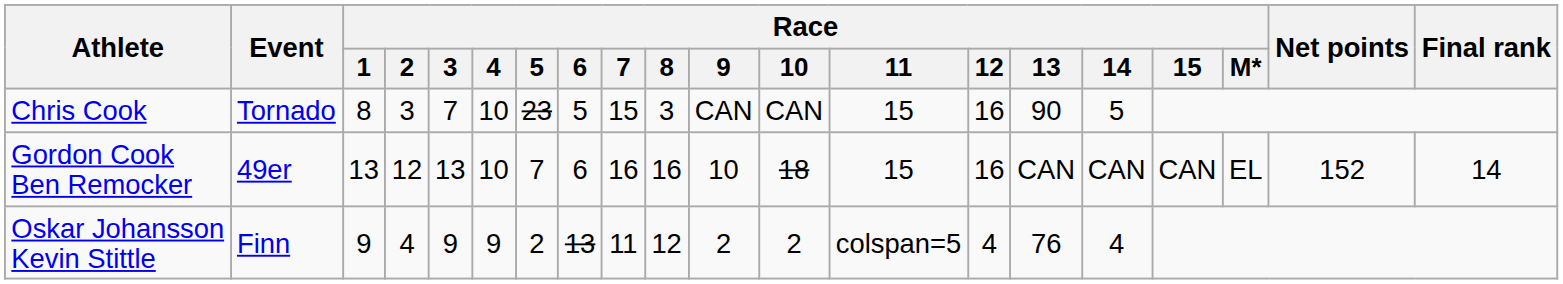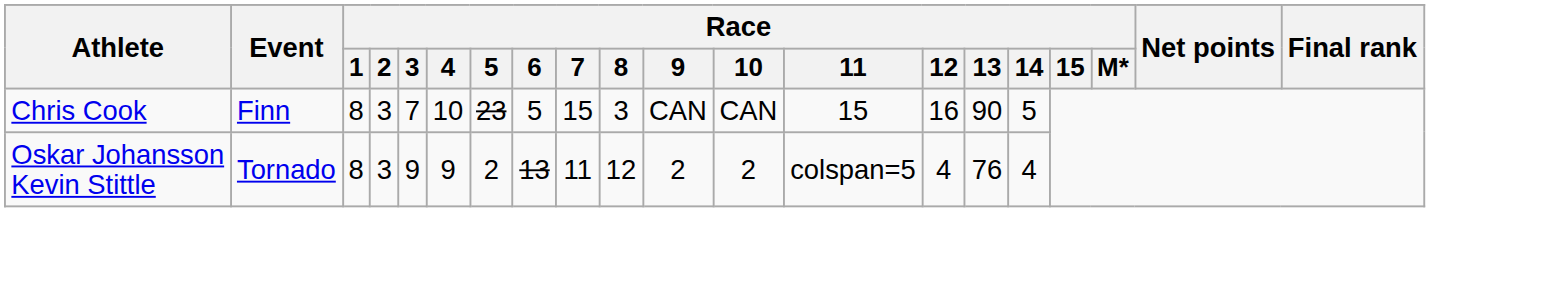 <table class="wikitable" style="font-size:90%">
 <tr>
 <th rowspan="2">Athlete</th>
 <th rowspan="2">Event</th>
 <th colspan=16>Race</th>
 <th rowspan=2>Net points</th>
 <th rowspan=2>Final rank</th>
 </tr>
 <tr style="font-size:95%">
 <th>1</th>
 <th>2</th>
 <th>3</th>
 <th>4</th>
 <th>5</th>
 <th>6</th>
 <th>7</th>
 <th>8</th>
 <th>9</th>
 <th>10</th>
 <th>11</th>
 <th>12</th>
 <th>13</th>
 <th>14</th>
 <th>15</th>
 <th>M*</th>
 </tr>
 <tr align=center>
 <td align=left><a href='#'>Chris Cook</a></td>
-<td align=left><a href='#'>Tornado</a></td>
+<td align=left><a href='#'>Finn</a></td>
 <td>8</td>
 <td>3</td>
 <td>7</td>
 <td>10</td>
 <td><s>23</s></td>
 <td>5</td>
 <td>15</td>
 <td>3</td>
 <td>CAN</td>
 <td>CAN</td>
 <td>15</td>
 <td>16</td>
 <td>90</td>
 <td>5</td>
 </tr>
 <tr align=center>
-<td align=left><a href='#'>Gordon Cook</a><br><a href='#'>Ben Remocker</a></td>
-<td align=left><a href='#'>49er</a></td>
-<td>13</td>
-<td>12</td>
-<td>13</td>
-<td>10</td>
-<td>7</td>
-<td>6</td>
-<td>16</td>
-<td>16</td>
-<td>10</td>
-<td><s>18</s></td>
-<td>15</td>
-<td>16</td>
-<td>CAN</td>
-<td>CAN</td>
-<td>CAN</td>
-<td>EL</td>
-<td>152</td>
-<td>14</td>
-</tr>
-<tr align=center>
 <td align=left><a href='#'>Oskar Johansson</a><br><a href='#'>Kevin Stittle</a></td>
-<td align=left><a href='#'>Finn</a></td>
-<td>9</td>
-<td>4</td>
+<td align=left><a href='#'>Tornado</a></td>
+<td>8</td>
+<td>3</td>
 <td>9</td>
 <td>9</td>
 <td>2</td>
 <td><s>13</s></td>
 <td>11</td>
 <td>12</td>
 <td>2</td>
 <td>2</td>
 <td>colspan=5 </td>
 <td>4</td>
 <td>76</td>
 <td>4</td>
 </tr>
 </table>
